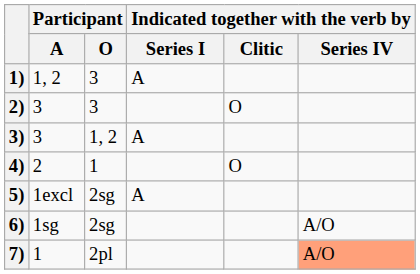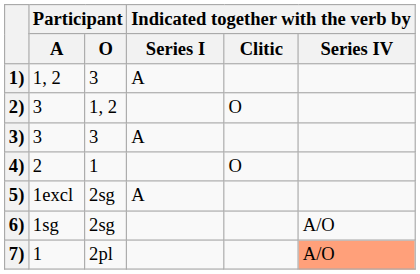 <table class="wikitable">
 <tr>
 <th rowspan="2"></th>
 <th colspan="2">Participant</th>
 <th colspan="3">Indicated together with the verb by</th>
 </tr>
 <tr>
 <th>A</th>
 <th>O</th>
 <th>Series I</th>
 <th>Clitic</th>
 <th>Series IV</th>
 </tr>
 <tr>
 <th>1)</th>
 <td>1, 2</td>
 <td>3</td>
 <td>A</td>
 <td></td>
 <td></td>
 </tr>
 <tr>
 <th>2)</th>
 <td>3</td>
-<td>3</td>
+<td>1, 2</td>
 <td></td>
 <td>O</td>
 <td></td>
 </tr>
 <tr>
 <th>3)</th>
 <td>3</td>
-<td>1, 2</td>
+<td>3</td>
 <td>A</td>
 <td></td>
 <td></td>
 </tr>
 <tr>
 <th>4)</th>
 <td>2</td>
 <td>1</td>
 <td></td>
 <td>O</td>
 <td></td>
 </tr>
 <tr>
 <th>5)</th>
 <td>1excl</td>
 <td>2sg</td>
 <td>A</td>
 <td></td>
 <td></td>
 </tr>
 <tr>
 <th>6)</th>
 <td>1sg</td>
 <td>2sg</td>
 <td></td>
 <td></td>
 <td>A/O</td>
 </tr>
 <tr>
 <th>7)</th>
 <td>1</td>
 <td>2pl</td>
 <td></td>
 <td></td>
 <td style="background: lightsalmon;">A/O</td>
 </tr>
 </table>
